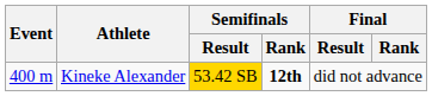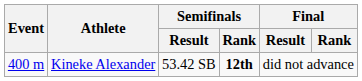 <table class=wikitable style="font-size:90%">
 <tr>
 <th rowspan="2">Event</th>
 <th rowspan="2">Athlete</th>
 <th colspan="2">Semifinals</th>
 <th colspan="2">Final</th>
 </tr>
 <tr>
 <th>Result</th>
 <th>Rank</th>
 <th>Result</th>
 <th>Rank</th>
 </tr>
 <tr>
 <td><a href='#'>400 m</a></td>
 <td><a href='#'>Kineke Alexander</a></td>
-<td align=center style="background: gold;">53.42 SB</td>
+<td align=center>53.42 SB</td>
 <td align=center><strong>12th</strong></td>
 <td align=center colspan="7">did not advance</td>
 </tr>
 </table>
